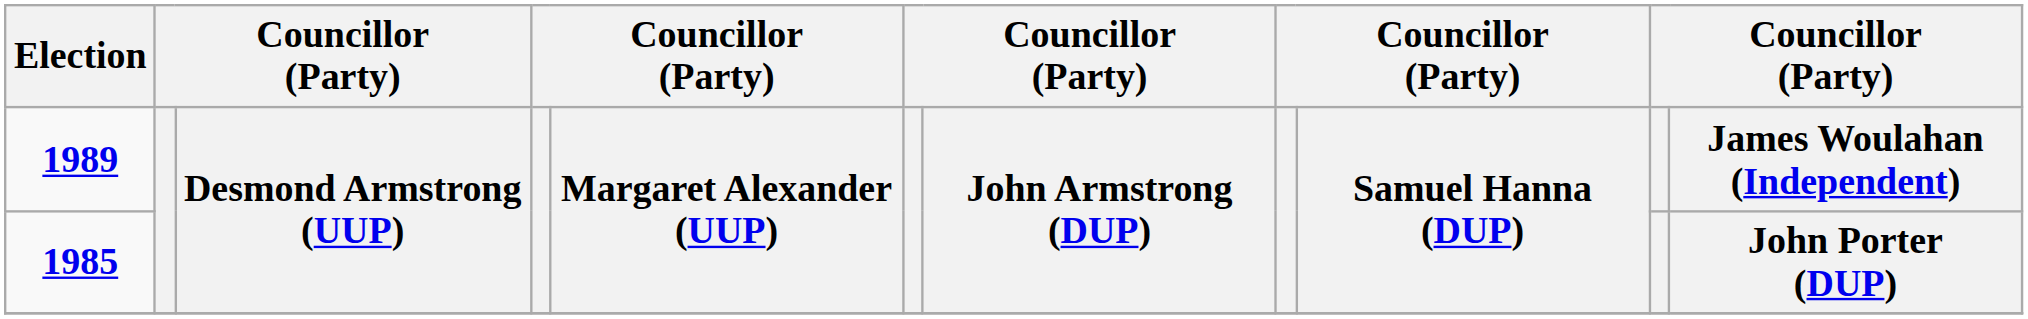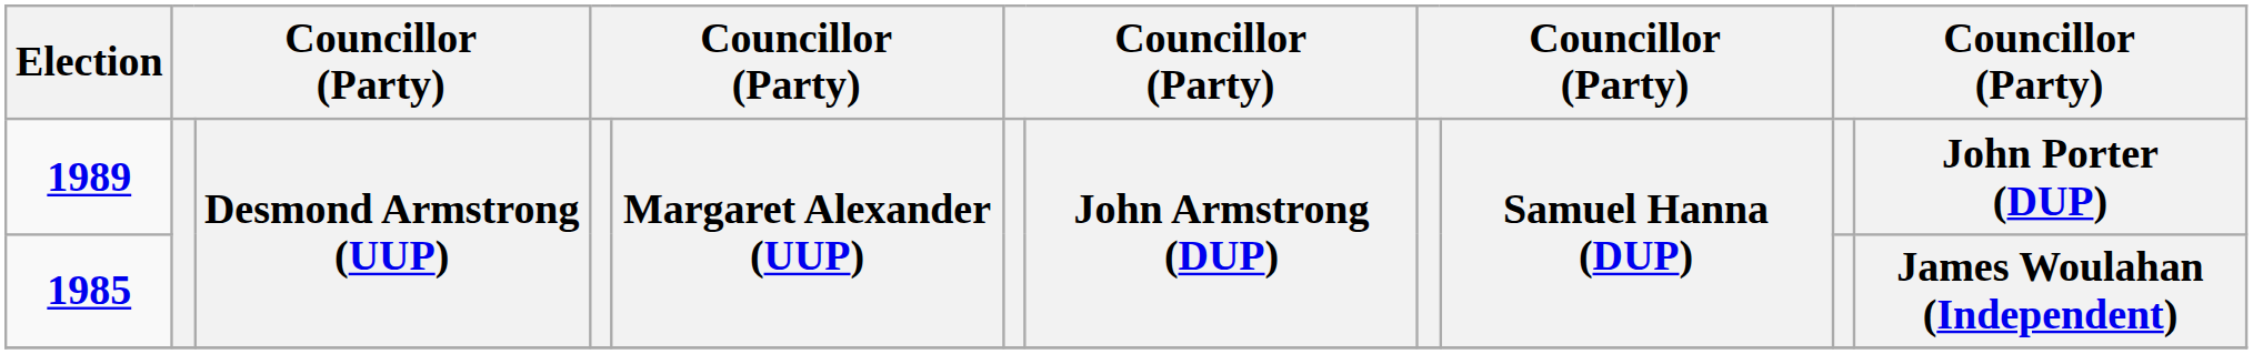 <table class="wikitable" style="text-align:center">
 <tr>
 <th scope="col" width="50">Election</th>
 <th scope="col" width="150" colspan = "2">Councillor<br> (Party)</th>
 <th scope="col" width="150" colspan = "2">Councillor<br> (Party)</th>
 <th scope="col" width="150" colspan = "2">Councillor<br> (Party)</th>
 <th scope="col" width="150" colspan = "2">Councillor<br> (Party)</th>
 <th scope="col" width="150" colspan = "2">Councillor<br> (Party)</th>
 </tr>
 <tr>
 <td><strong><a href='#'>1989</a></strong></td>
 <th rowspan="2" width="1" style="background-color: "></th>
 <th rowspan = "2">Desmond Armstrong <br> (<a href='#'>UUP</a>)</th>
 <th rowspan="2" width="1" style="background-color: "></th>
 <th rowspan = "2">Margaret Alexander <br> (<a href='#'>UUP</a>)</th>
 <th rowspan="2" width="1" style="background-color: "></th>
 <th rowspan = "2">John Armstrong <br> (<a href='#'>DUP</a>)</th>
 <th rowspan="2" width="1" style="background-color: "></th>
 <th rowspan = "2">Samuel Hanna <br> (<a href='#'>DUP</a>)</th>
 <th rowspan="1" width="1" style="background-color: "></th>
-<th rowspan = "1">James Woulahan <br> (<a href='#'>Independent</a>)</th>
+<th rowspan = "1">John Porter <br> (<a href='#'>DUP</a>)</th>
 </tr>
 <tr>
 <td><strong><a href='#'>1985</a></strong></td>
 <th rowspan="1" width="1" style="background-color: "></th>
-<th rowspan = "1">John Porter <br> (<a href='#'>DUP</a>)</th>
+<th rowspan = "1">James Woulahan <br> (<a href='#'>Independent</a>)</th>
 </tr>
 <tr>
 </tr>
 </table>
